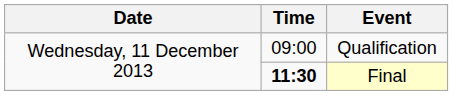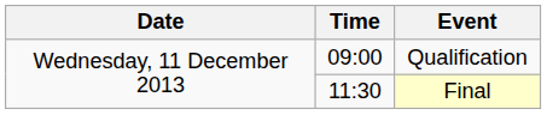 <table class = "wikitable" style="text-align:center;">
 <tr>
 <th width=220>Date</th>
 <th width=50>Time</th>
 <th width=100>Event</th>
 </tr>
 <tr>
 <td rowspan=2>Wednesday, 11 December 2013</td>
 <td>09:00</td>
 <td>Qualification</td>
 </tr>
 <tr>
-<td><strong>11:30</strong></td>
+<td>11:30</td>
 <td bgcolor=ffffcc>Final</td>
 </tr>
 </table>
